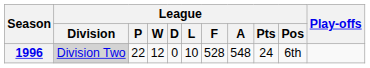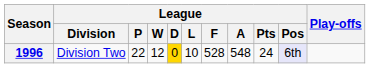 <table class="wikitable" style="text-align: center">
 <tr>
 <th rowspan="2" scope="col">Season</th>
 <th colspan="9" scope="col">League</th>
 <th rowspan="2" scope="col"><a href='#'>Play-offs</a></th>
 </tr>
 <tr>
 <th scope="col">Division</th>
 <th scope="col">P</th>
 <th scope="col">W</th>
 <th scope="col">D</th>
 <th scope="col">L</th>
 <th scope="col">F</th>
 <th scope="col">A</th>
 <th scope="col">Pts</th>
 <th scope="col">Pos</th>
 </tr>
 <tr>
 <th scope="row"><a href='#'>1996</a></th>
-<td style="background: lightgrey;"><a href='#'>Division Two</a></td>
+<td><a href='#'>Division Two</a></td>
 <td>22</td>
 <td>12</td>
-<td>0</td>
+<td style="background: gold;">0</td>
 <td>10</td>
 <td>528</td>
 <td>548</td>
 <td>24</td>
-<td>6th</td>
+<td style="background: lavender;">6th</td>
 <td></td>
 </tr>
 </table>
